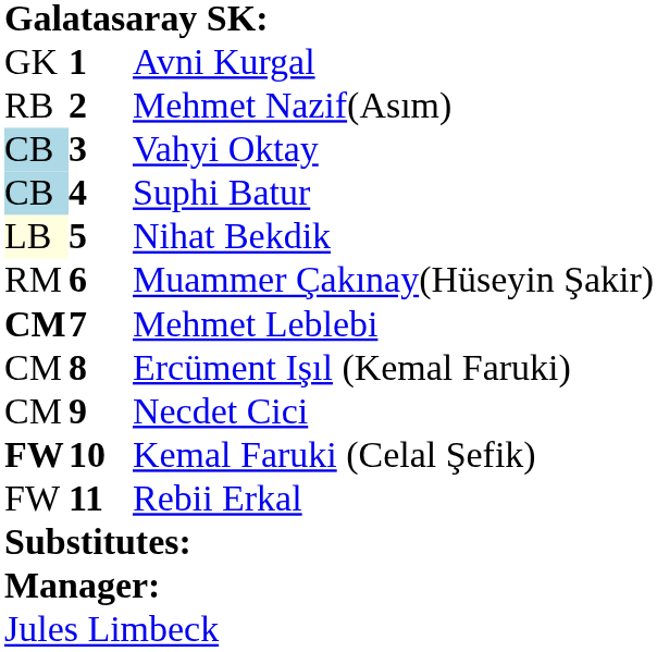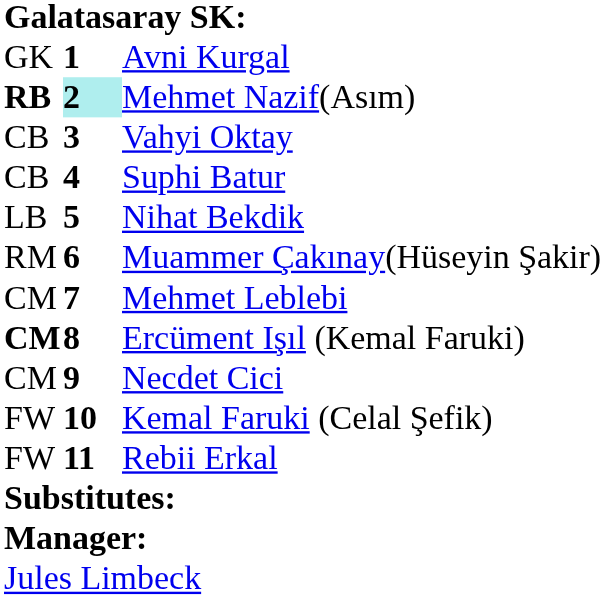 <table style="font-size: 90%" cellspacing="0" cellpadding="0">
 <tr>
 <td colspan="4"><strong>Galatasaray SK:</strong></td>
 </tr>
 <tr>
 <th width="25"></th>
 <th width="25"></th>
 </tr>
 <tr>
 <td>GK</td>
 <td><strong>1</strong></td>
 <td> <a href='#'>Avni Kurgal</a></td>
 </tr>
 <tr>
-<td>RB</td>
-<td><strong>2</strong></td>
+<td><strong>RB</strong></td>
+<td style="background: paleturquoise;"><strong>2</strong></td>
 <td> <a href='#'>Mehmet Nazif</a>(Asım)</td>
 </tr>
 <tr>
-<td style="background: lightblue;">CB</td>
+<td>CB</td>
 <td><strong>3</strong></td>
 <td> <a href='#'>Vahyi Oktay</a></td>
 </tr>
 <tr>
-<td style="background: lightblue;">CB</td>
+<td>CB</td>
 <td><strong>4</strong></td>
 <td> <a href='#'>Suphi Batur</a></td>
 </tr>
 <tr>
-<td style="background: lightyellow;">LB</td>
+<td>LB</td>
 <td><strong>5</strong></td>
 <td> <a href='#'>Nihat Bekdik</a></td>
 </tr>
 <tr>
 <td>RM</td>
 <td><strong>6</strong></td>
 <td> <a href='#'>Muammer Çakınay</a>(Hüseyin Şakir)</td>
 </tr>
 <tr>
-<td><strong>CM</strong></td>
+<td>CM</td>
 <td><strong>7</strong></td>
 <td> <a href='#'>Mehmet Leblebi</a></td>
 </tr>
 <tr>
-<td>CM</td>
+<td><strong>CM</strong></td>
 <td><strong>8</strong></td>
 <td> <a href='#'>Ercüment Işıl</a> (Kemal Faruki)</td>
 </tr>
 <tr>
 <td>CM</td>
 <td><strong>9</strong></td>
 <td> <a href='#'>Necdet Cici</a></td>
 </tr>
 <tr>
-<td><strong>FW</strong></td>
+<td>FW</td>
 <td><strong>10</strong></td>
 <td> <a href='#'>Kemal Faruki</a> (Celal Şefik)</td>
 </tr>
 <tr>
 <td>FW</td>
 <td><strong>11</strong></td>
 <td> <a href='#'>Rebii Erkal</a></td>
 </tr>
 <tr>
 <td colspan=4><strong>Substitutes:</strong></td>
 </tr>
 <tr>
 <td colspan=4><strong>Manager:</strong></td>
 </tr>
 <tr>
 <td colspan="4"> <a href='#'>Jules Limbeck</a></td>
 </tr>
 </table>
